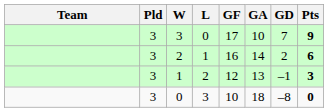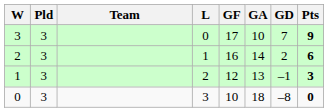 <table class="wikitable" style="text-align:center;">
 <tr>
+<th width=25>W</th>
+<th width=25>Pld</th>
 <th width=160>Team</th>
-<th width=25>Pld</th>
-<th width=25>W</th>
 <th width=25>L</th>
 <th width=25>GF</th>
 <th width=25>GA</th>
 <th width=25>GD</th>
 <th width=25>Pts</th>
 </tr>
 <tr bgcolor=#ccffcc>
-<td align=left></td>
 <td>3</td>
 <td>3</td>
+<td align=left></td>
 <td>0</td>
 <td>17</td>
 <td>10</td>
 <td>7</td>
 <td><strong>9</strong></td>
 </tr>
 <tr bgcolor=#ccffcc>
+<td>2</td>
+<td>3</td>
 <td align=left></td>
-<td>3</td>
-<td>2</td>
 <td>1</td>
 <td>16</td>
 <td>14</td>
 <td>2</td>
 <td><strong>6</strong></td>
 </tr>
 <tr bgcolor=#ccffcc>
+<td>1</td>
+<td>3</td>
 <td align=left></td>
-<td>3</td>
-<td>1</td>
 <td>2</td>
 <td>12</td>
 <td>13</td>
 <td>–1</td>
 <td><strong>3</strong></td>
 </tr>
 <tr>
+<td>0</td>
+<td>3</td>
 <td align=left></td>
-<td>3</td>
-<td>0</td>
 <td>3</td>
 <td>10</td>
 <td>18</td>
 <td>–8</td>
 <td><strong>0</strong></td>
 </tr>
 </table>
